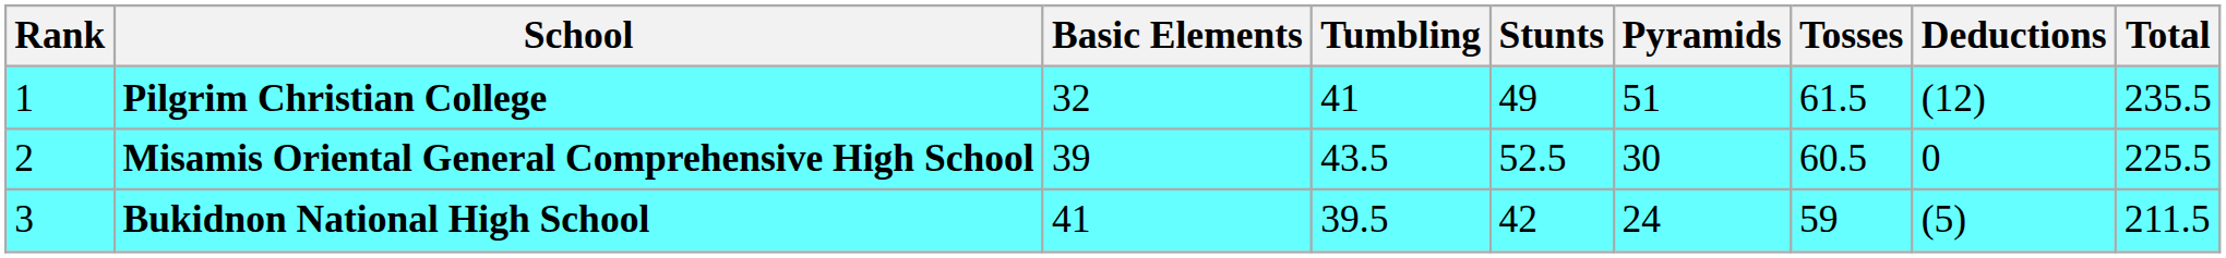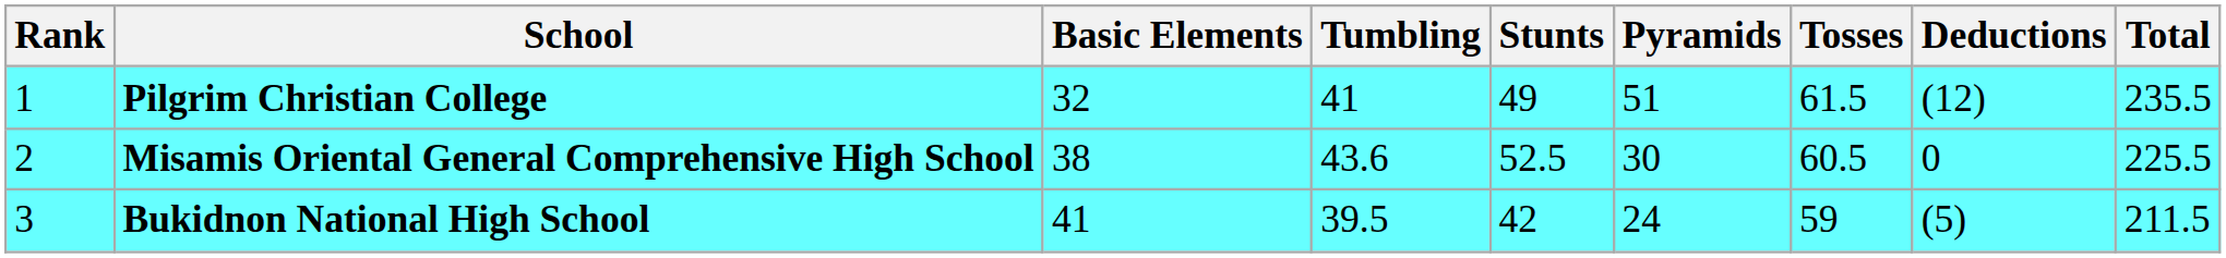 <table class="wikitable" style="text align: center">
 <tr bgcolor="#efefef">
 <th>Rank</th>
 <th>School</th>
 <th>Basic Elements</th>
 <th>Tumbling</th>
 <th>Stunts</th>
 <th>Pyramids</th>
 <th>Tosses</th>
 <th>Deductions</th>
 <th>Total</th>
 </tr>
 <tr bgcolor="66FFFF">
 <td>1</td>
 <td><strong>Pilgrim Christian College</strong> <br> <small></small></td>
 <td>32</td>
 <td>41</td>
 <td>49</td>
 <td>51</td>
 <td>61.5</td>
 <td>(12)</td>
 <td>235.5</td>
 </tr>
 <tr bgcolor="66FFFF">
 <td>2</td>
 <td><strong>Misamis Oriental General Comprehensive High School</strong> <br> <small></small></td>
-<td>39</td>
-<td>43.5</td>
+<td>38</td>
+<td>43.6</td>
 <td>52.5</td>
 <td>30</td>
 <td>60.5</td>
 <td>0</td>
 <td>225.5</td>
 </tr>
 <tr bgcolor="66FFFF">
 <td>3</td>
 <td><strong>Bukidnon National High School</strong> <br> <small></small></td>
 <td>41</td>
 <td>39.5</td>
 <td>42</td>
 <td>24</td>
 <td>59</td>
 <td>(5)</td>
 <td>211.5</td>
 </tr>
 </table>
